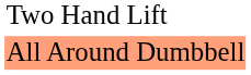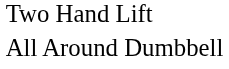 <table>
 <tr>
 <td>Two Hand Lift <br></td>
 <td></td>
 <td></td>
 <td></td>
 </tr>
 <tr valign="top">
-<td style="background: lightsalmon;">All Around Dumbbell <br> </td>
+<td>All Around Dumbbell <br> </td>
 <td></td>
 <td></td>
 <td></td>
 </tr>
 </table>
